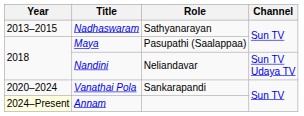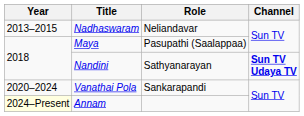 <table class="wikitable">
 <tr style="background:#ccc; text-align:center;">
 <th>Year</th>
 <th>Title</th>
 <th>Role</th>
 <th>Channel</th>
 </tr>
 <tr>
 <td>2013–2015</td>
 <td><em><a href='#'>Nadhaswaram</a></em></td>
-<td>Sathyanarayan</td>
+<td>Neliandavar</td>
 <td rowspan=2><a href='#'>Sun TV</a></td>
 </tr>
 <tr>
 <td rowspan=2>2018</td>
 <td><em><a href='#'>Maya</a></em></td>
 <td>Pasupathi (Saalappaa)</td>
 </tr>
 <tr>
 <td><em><a href='#'>Nandini</a></em></td>
-<td>Neliandavar</td>
-<td><a href='#'>Sun TV</a> <br> <a href='#'>Udaya TV</a></td>
+<td>Sathyanarayan</td>
+<td><strong><a href='#'>Sun TV</a> <br> <a href='#'>Udaya TV</a></strong></td>
 </tr>
 <tr>
 <td>2020–2024</td>
 <td><em><a href='#'>Vanathai Pola</a></em></td>
 <td>Sankarapandi</td>
 <td rowspan="2"><a href='#'>Sun TV</a></td>
 </tr>
 <tr>
 <td style="background: lightyellow;">2024–Present</td>
 <td><em><a href='#'>Annam</a></em></td>
 <td></td>
 </tr>
 </table>
